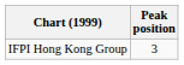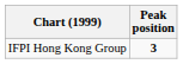 <table class="wikitable">
 <tr>
 <th>Chart (1999)</th>
 <th>Peak<br>position</th>
 </tr>
 <tr>
 <td>IFPI Hong Kong Group</td>
-<td align="center">3</td>
+<td align="center"><strong>3</strong></td>
 </tr>
 </table>
